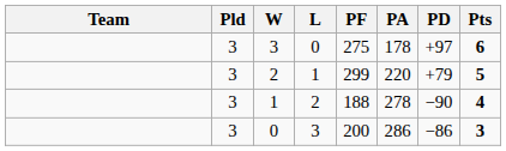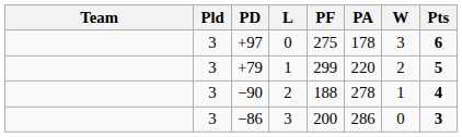 <table class="wikitable" style="text-align:center;">
 <tr>
 <th width=180>Team</th>
 <th width=30>Pld</th>
-<th width=30>W</th>
+<th width=30>PD</th>
 <th width=30>L</th>
 <th width=30>PF</th>
 <th width=30>PA</th>
-<th width=30>PD</th>
+<th width=30>W</th>
 <th width=30>Pts</th>
 </tr>
 <tr>
 <td align="left"></td>
 <td>3</td>
-<td>3</td>
+<td>+97</td>
 <td>0</td>
 <td>275</td>
 <td>178</td>
-<td>+97</td>
+<td>3</td>
 <td><strong>6</strong></td>
 </tr>
 <tr>
 <td align="left"></td>
 <td>3</td>
-<td>2</td>
+<td>+79</td>
 <td>1</td>
 <td>299</td>
 <td>220</td>
-<td>+79</td>
+<td>2</td>
 <td><strong>5</strong></td>
 </tr>
 <tr>
 <td align="left"></td>
 <td>3</td>
-<td>1</td>
+<td>−90</td>
 <td>2</td>
 <td>188</td>
 <td>278</td>
-<td>−90</td>
+<td>1</td>
 <td><strong>4</strong></td>
 </tr>
 <tr>
 <td align="left"></td>
 <td>3</td>
-<td>0</td>
+<td>−86</td>
 <td>3</td>
 <td>200</td>
 <td>286</td>
-<td>−86</td>
+<td>0</td>
 <td><strong>3</strong></td>
 </tr>
 </table>
